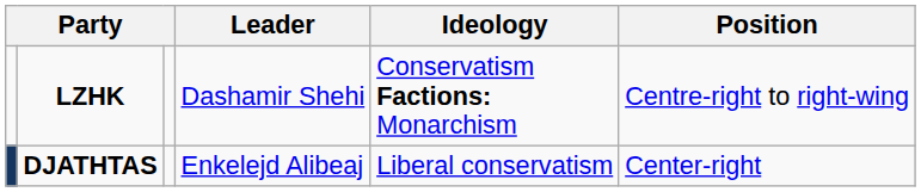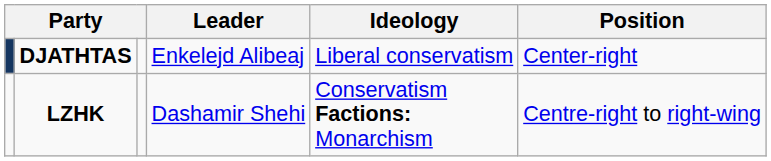 <table class="wikitable">
 <tr>
 <th colspan="3">Party</th>
 <th>Leader</th>
 <th>Ideology</th>
 <th>Position</th>
+</tr>
+<tr>
+<td style="background:#143560 ;"></td>
+<td style="text-align:center;"><strong>DJATHTAS</strong></td>
+<td></td>
+<td><a href='#'>Enkelejd Alibeaj</a></td>
+<td><a href='#'>Liberal conservatism</a></td>
+<td><a href='#'>Center-right</a></td>
 </tr>
 <tr>
 <td style="background:"></td>
 <td style="text-align:center;"><strong>LZHK</strong></td>
 <td></td>
 <td><a href='#'>Dashamir Shehi</a></td>
 <td><a href='#'>Conservatism</a><br><strong>Factions:</strong><br><a href='#'>Monarchism</a></td>
 <td><a href='#'>Centre-right</a> to <a href='#'>right-wing</a></td>
 </tr>
-<tr>
-<td style="background:#143560 ;"></td>
-<td style="text-align:center;"><strong>DJATHTAS</strong></td>
-<td></td>
-<td><a href='#'>Enkelejd Alibeaj</a></td>
-<td><a href='#'>Liberal conservatism</a></td>
-<td><a href='#'>Center-right</a></td>
-</tr>
 </table>
